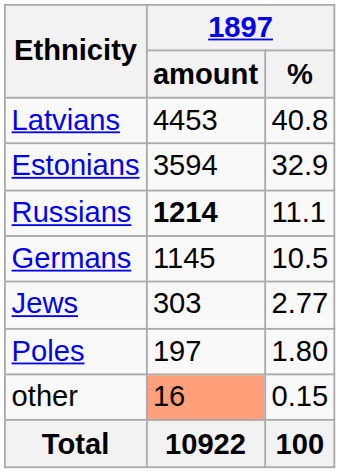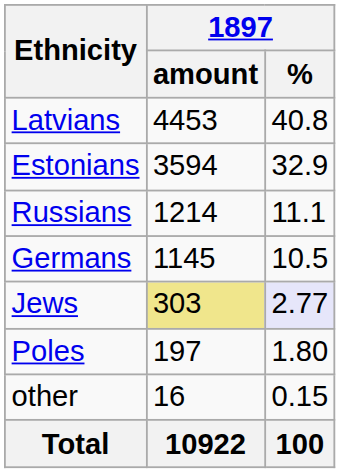 <table class="wikitable sortable">
 <tr>
 <th rowspan="2">Ethnicity</th>
 <th colspan="2"><a href='#'>1897</a></th>
 </tr>
 <tr>
 <th>amount</th>
 <th>%</th>
 </tr>
 <tr>
 <td><a href='#'>Latvians</a></td>
 <td>4453</td>
 <td>40.8</td>
 </tr>
 <tr>
 <td><a href='#'>Estonians</a></td>
 <td>3594</td>
 <td>32.9</td>
 </tr>
 <tr>
 <td><a href='#'>Russians</a></td>
-<td><strong>1214</strong></td>
+<td>1214</td>
 <td>11.1</td>
 </tr>
 <tr>
 <td><a href='#'>Germans</a></td>
 <td>1145</td>
 <td>10.5</td>
 </tr>
 <tr>
 <td><a href='#'>Jews</a></td>
-<td>303</td>
-<td>2.77</td>
+<td style="background: khaki;">303</td>
+<td style="background: lavender;">2.77</td>
 </tr>
 <tr>
 <td><a href='#'>Poles</a></td>
 <td>197</td>
 <td>1.80</td>
 </tr>
 <tr>
 <td>other</td>
-<td style="background: lightsalmon;">16</td>
+<td>16</td>
 <td>0.15</td>
 </tr>
 <tr>
 <th>Total</th>
 <th>10922</th>
 <th>100</th>
 </tr>
 </table>
